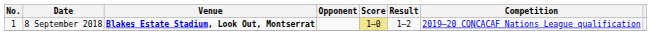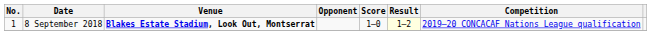 <table class="wikitable">
 <tr>
 <th scope="col">No.</th>
 <th scope="col">Date</th>
 <th scope="col">Venue</th>
 <th scope="col">Opponent</th>
 <th scope="col">Score</th>
 <th scope="col">Result</th>
 <th scope="col">Competition</th>
 <th scope="col"></th>
 </tr>
 <tr>
 <td align="center">1</td>
 <td>8 September 2018</td>
 <td><strong><a href='#'>Blakes Estate Stadium</a>, Look Out, Montserrat</strong></td>
 <td></td>
-<td align="center" style="background: khaki;">1–0</td>
-<td align="center">1–2</td>
+<td align="center">1–0</td>
+<td align="center" style="background: lightyellow;">1–2</td>
 <td><a href='#'>2019–20 CONCACAF Nations League qualification</a></td>
 <td></td>
 </tr>
 <tr>
 </tr>
 </table>
